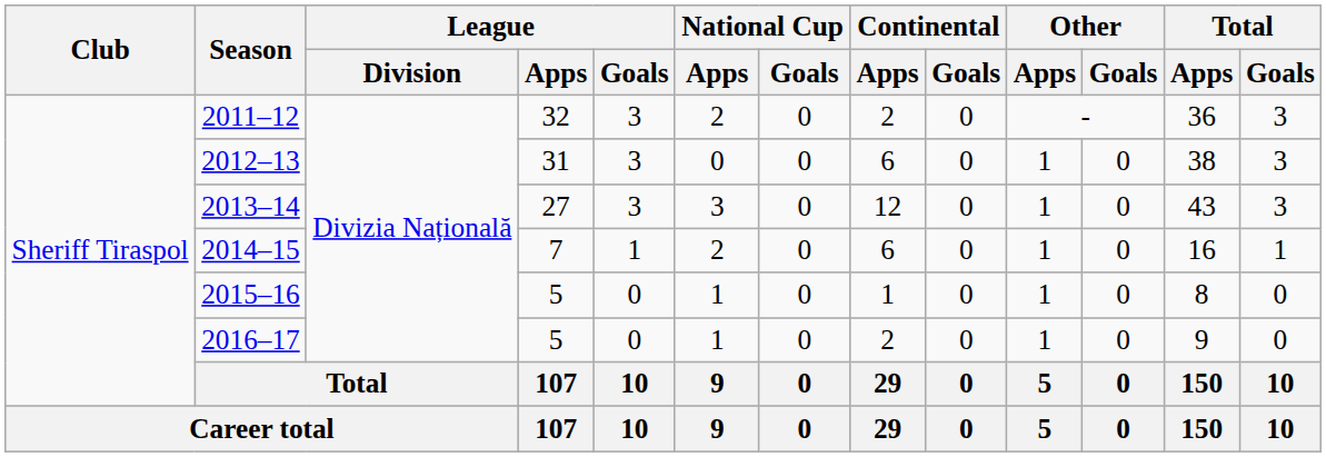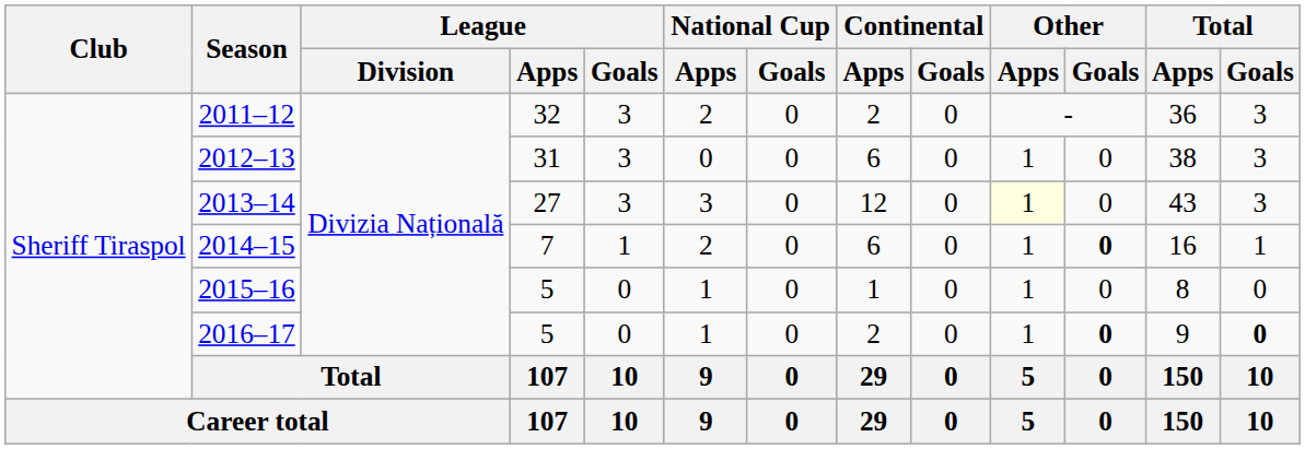 <table class="wikitable" style="text-align: center;">
 <tr>
 <th rowspan="2">Club</th>
 <th rowspan="2">Season</th>
 <th colspan="3">League</th>
 <th colspan="2">National Cup</th>
 <th colspan="2">Continental</th>
 <th colspan="2">Other</th>
 <th colspan="2">Total</th>
 </tr>
 <tr>
 <th>Division</th>
 <th>Apps</th>
 <th>Goals</th>
 <th>Apps</th>
 <th>Goals</th>
 <th>Apps</th>
 <th>Goals</th>
 <th>Apps</th>
 <th>Goals</th>
 <th>Apps</th>
 <th>Goals</th>
 </tr>
 <tr>
 <td rowspan="7" valign="center"><a href='#'>Sheriff Tiraspol</a></td>
 <td><a href='#'>2011–12</a></td>
 <td rowspan="6" valign="center"><a href='#'>Divizia Națională</a></td>
 <td>32</td>
 <td>3</td>
 <td>2</td>
 <td>0</td>
 <td>2</td>
 <td>0</td>
 <td colspan="2">-</td>
 <td>36</td>
 <td>3</td>
 </tr>
 <tr>
 <td><a href='#'>2012–13</a></td>
 <td>31</td>
 <td>3</td>
 <td>0</td>
 <td>0</td>
 <td>6</td>
 <td>0</td>
 <td>1</td>
 <td>0</td>
 <td>38</td>
 <td>3</td>
 </tr>
 <tr>
 <td><a href='#'>2013–14</a></td>
 <td>27</td>
 <td>3</td>
 <td>3</td>
 <td>0</td>
 <td>12</td>
 <td>0</td>
-<td>1</td>
+<td style="background: lightyellow;">1</td>
 <td>0</td>
 <td>43</td>
 <td>3</td>
 </tr>
 <tr>
 <td><a href='#'>2014–15</a></td>
 <td>7</td>
 <td>1</td>
 <td>2</td>
 <td>0</td>
 <td>6</td>
 <td>0</td>
 <td>1</td>
-<td>0</td>
+<td><strong>0</strong></td>
 <td>16</td>
 <td>1</td>
 </tr>
 <tr>
 <td><a href='#'>2015–16</a></td>
 <td>5</td>
 <td>0</td>
 <td>1</td>
 <td>0</td>
 <td>1</td>
 <td>0</td>
 <td>1</td>
 <td>0</td>
 <td>8</td>
 <td>0</td>
 </tr>
 <tr>
 <td><a href='#'>2016–17</a></td>
 <td>5</td>
 <td>0</td>
 <td>1</td>
 <td>0</td>
 <td>2</td>
 <td>0</td>
 <td>1</td>
-<td>0</td>
+<td><strong>0</strong></td>
 <td>9</td>
-<td>0</td>
+<td><strong>0</strong></td>
 </tr>
 <tr>
 <th colspan="2">Total</th>
 <th>107</th>
 <th>10</th>
 <th>9</th>
 <th>0</th>
 <th>29</th>
 <th>0</th>
 <th>5</th>
 <th>0</th>
 <th>150</th>
 <th>10</th>
 </tr>
 <tr>
 <th colspan="3">Career total</th>
 <th>107</th>
 <th>10</th>
 <th>9</th>
 <th>0</th>
 <th>29</th>
 <th>0</th>
 <th>5</th>
 <th>0</th>
 <th>150</th>
 <th>10</th>
 </tr>
 </table>
